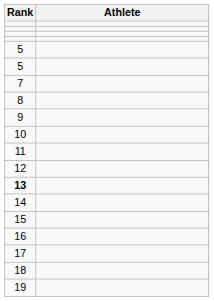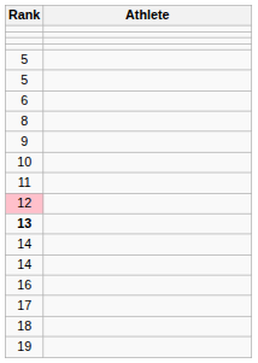 <table class="wikitable" style="text-align: center;">
 <tr>
 <th width=40>Rank</th>
 <th width=250>Athlete</th>
 </tr>
 <tr>
 <td></td>
 <td align="left"></td>
 </tr>
 <tr>
 <td></td>
 <td align="left"></td>
 </tr>
 <tr>
 <td></td>
 <td align="left"></td>
 </tr>
 <tr>
 <td></td>
 <td align="left"></td>
 </tr>
 <tr>
 <td>5</td>
 <td align="left"></td>
 </tr>
 <tr>
 <td>5</td>
 <td align="left"></td>
 </tr>
 <tr>
-<td>7</td>
+<td>6</td>
 <td align="left"></td>
 </tr>
 <tr>
 <td>8</td>
 <td align="left"></td>
 </tr>
 <tr>
 <td>9</td>
 <td align="left"></td>
 </tr>
 <tr>
 <td>10</td>
 <td align="left"></td>
 </tr>
 <tr>
 <td>11</td>
 <td align="left"></td>
 </tr>
 <tr>
-<td>12</td>
+<td style="background: pink;">12</td>
 <td align="left"></td>
 </tr>
 <tr>
 <td><strong>13</strong></td>
 <td align="left"></td>
 </tr>
 <tr>
 <td>14</td>
 <td align="left"></td>
 </tr>
 <tr>
-<td>15</td>
+<td>14</td>
 <td align="left"></td>
 </tr>
 <tr>
 <td>16</td>
 <td align="left"></td>
 </tr>
 <tr>
 <td>17</td>
 <td align="left"></td>
 </tr>
 <tr>
 <td>18</td>
 <td align="left"></td>
 </tr>
 <tr>
 <td>19</td>
 <td align="left"></td>
 </tr>
 </table>
